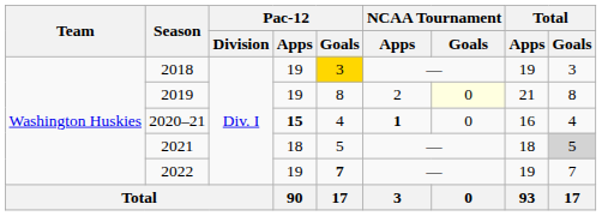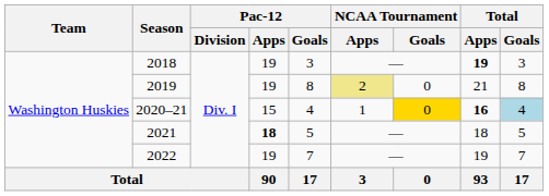 <table class="wikitable" style="text-align: center;">
 <tr>
 <th rowspan="2">Team</th>
 <th rowspan="2">Season</th>
 <th colspan="3">Pac-12</th>
 <th colspan="2">NCAA Tournament</th>
 <th colspan="2">Total</th>
 </tr>
 <tr>
 <th>Division</th>
 <th>Apps</th>
 <th>Goals</th>
 <th>Apps</th>
 <th>Goals</th>
 <th>Apps</th>
 <th>Goals</th>
 </tr>
 <tr>
 <td rowspan="5"><a href='#'>Washington Huskies</a></td>
 <td>2018</td>
 <td rowspan="5"><a href='#'>Div. I</a></td>
 <td>19</td>
-<td style="background: gold;">3</td>
+<td>3</td>
 <td colspan="2">—</td>
-<td>19</td>
+<td><strong>19</strong></td>
 <td>3</td>
 </tr>
 <tr>
 <td>2019</td>
 <td>19</td>
 <td>8</td>
-<td>2</td>
-<td style="background: lightyellow;">0</td>
+<td style="background: khaki;">2</td>
+<td>0</td>
 <td>21</td>
 <td>8</td>
 </tr>
 <tr>
 <td>2020–21</td>
-<td><strong>15</strong></td>
+<td>15</td>
 <td>4</td>
-<td><strong>1</strong></td>
-<td>0</td>
-<td>16</td>
-<td>4</td>
+<td>1</td>
+<td style="background: gold;">0</td>
+<td><strong>16</strong></td>
+<td style="background: lightblue;">4</td>
 </tr>
 <tr>
 <td>2021</td>
-<td>18</td>
+<td><strong>18</strong></td>
 <td>5</td>
 <td colspan="2">—</td>
 <td>18</td>
-<td style="background: lightgrey;">5</td>
+<td>5</td>
 </tr>
 <tr>
 <td>2022</td>
 <td>19</td>
-<td><strong>7</strong></td>
+<td>7</td>
 <td colspan="2">—</td>
 <td>19</td>
 <td>7</td>
 </tr>
 <tr>
 <th colspan="3">Total</th>
 <th>90</th>
 <th>17</th>
 <th>3</th>
 <th>0</th>
 <th>93</th>
 <th>17</th>
 </tr>
 </table>
